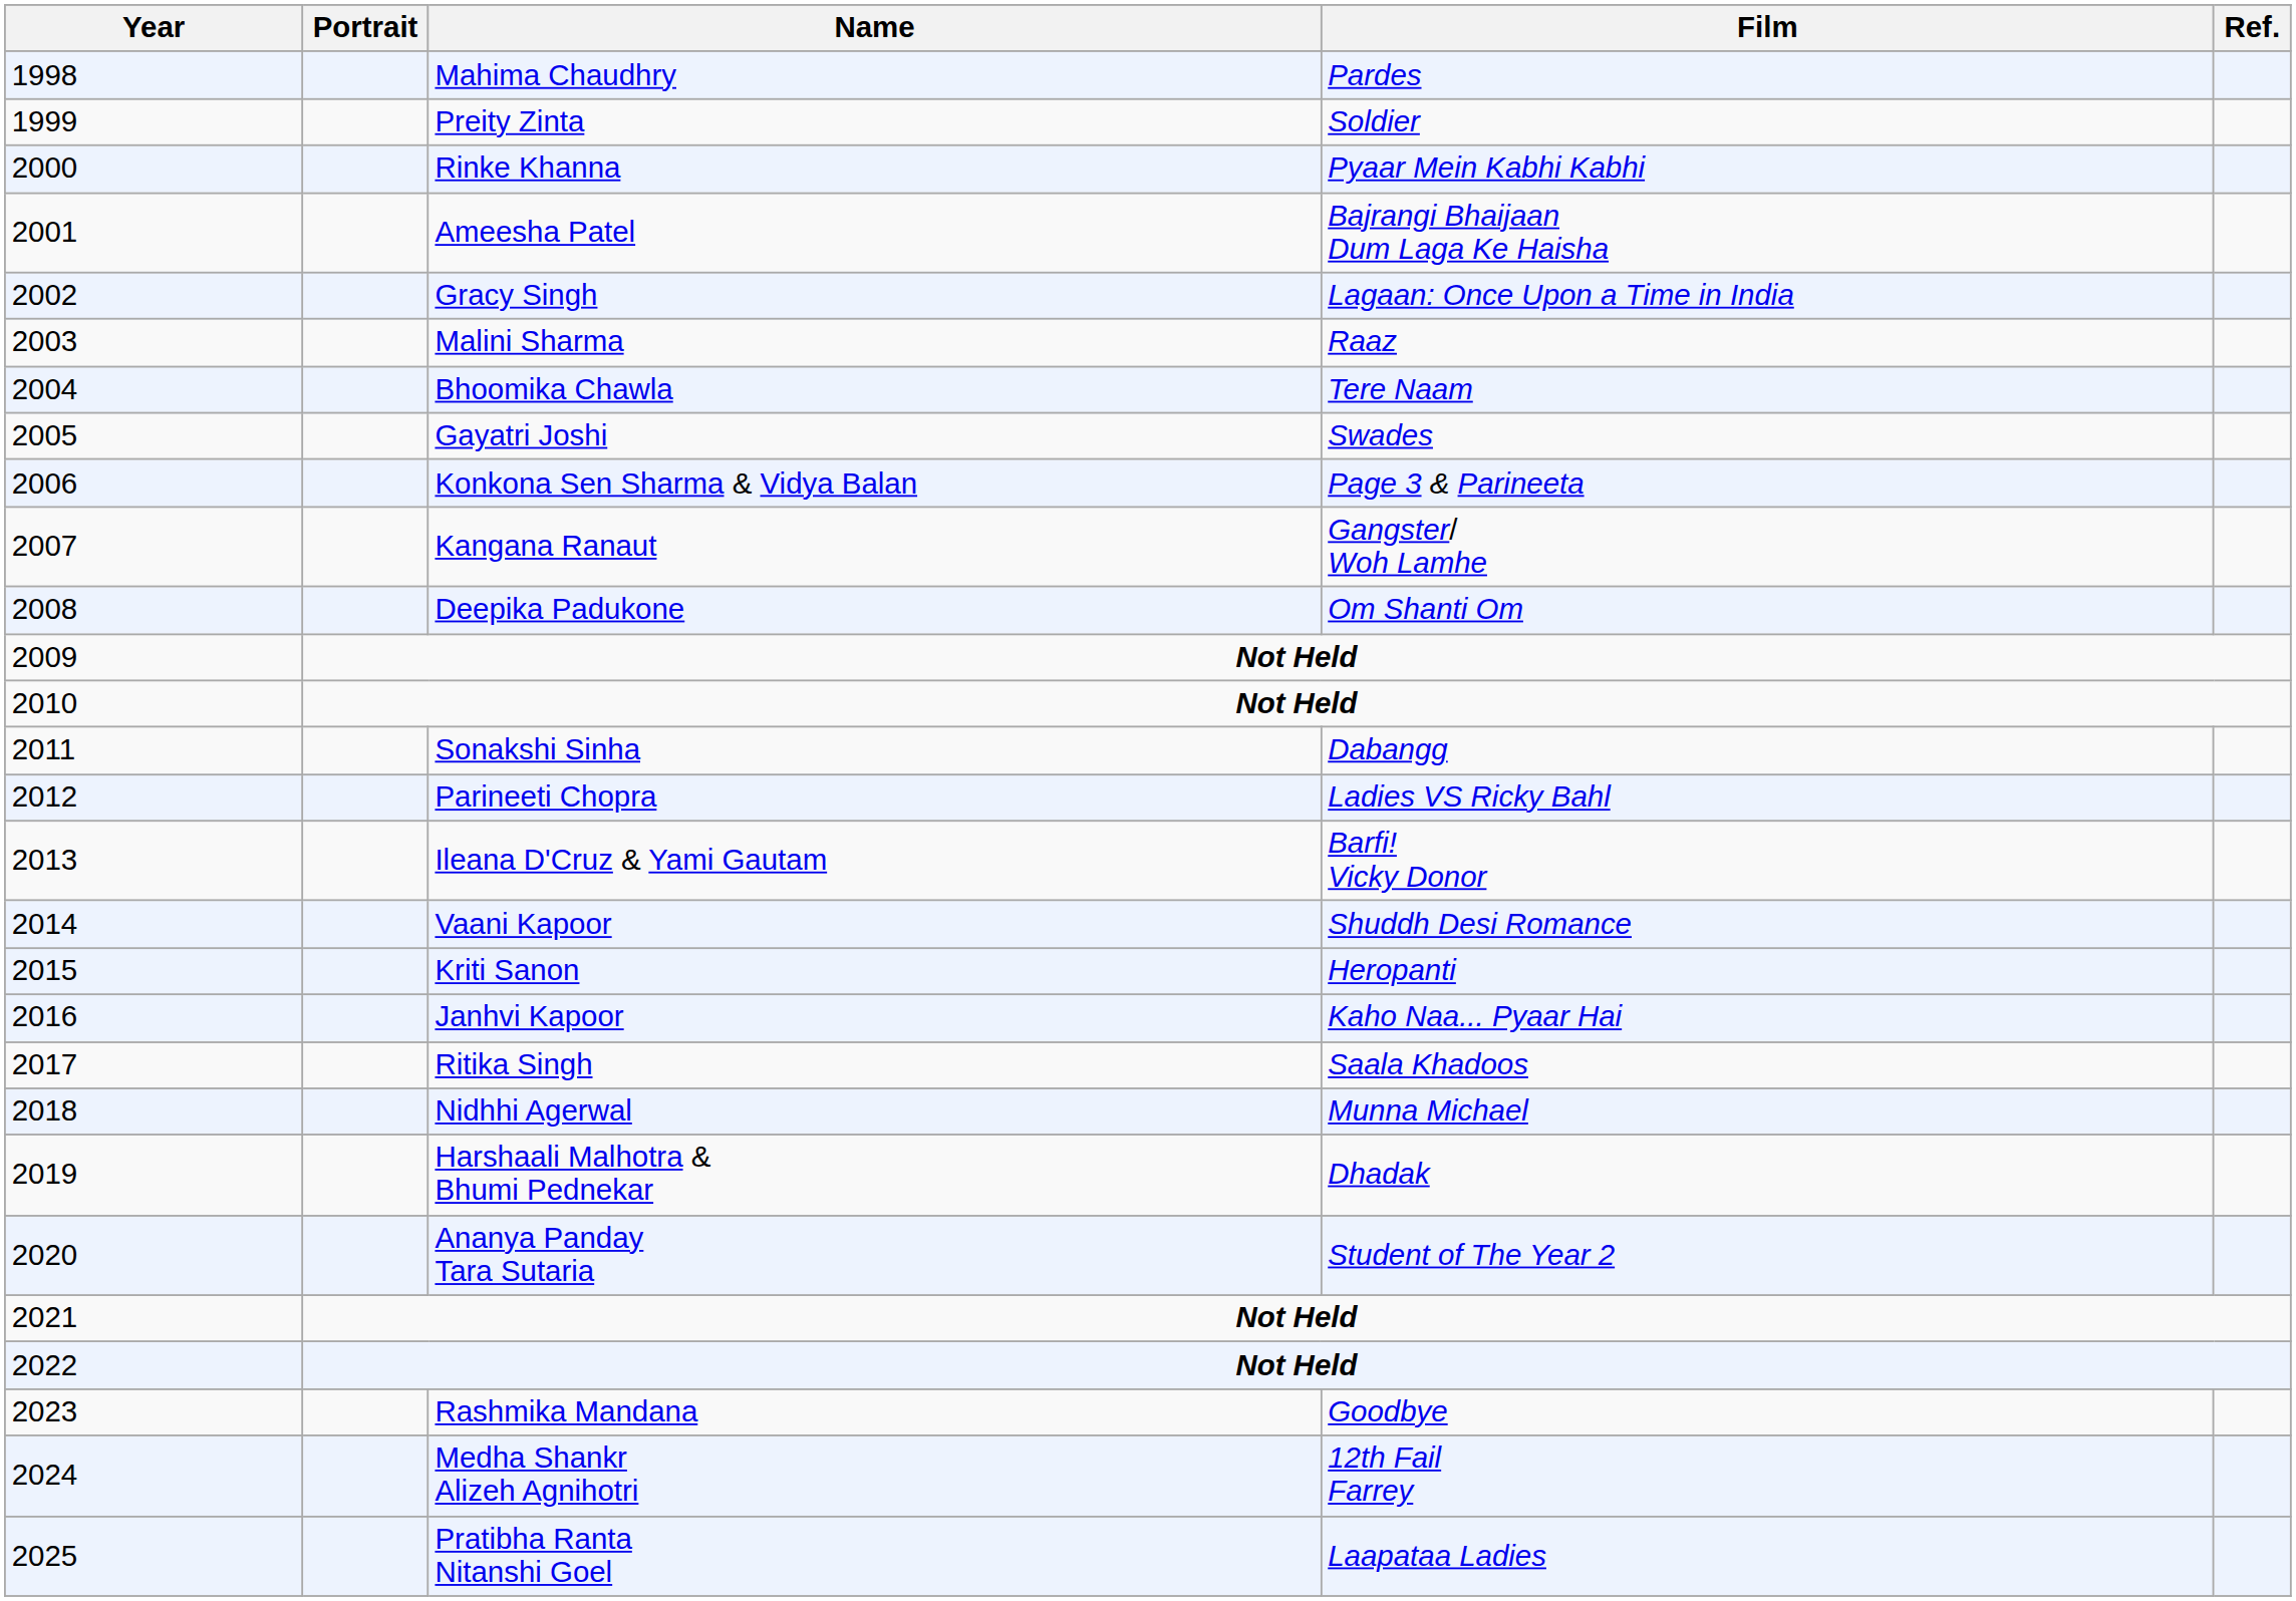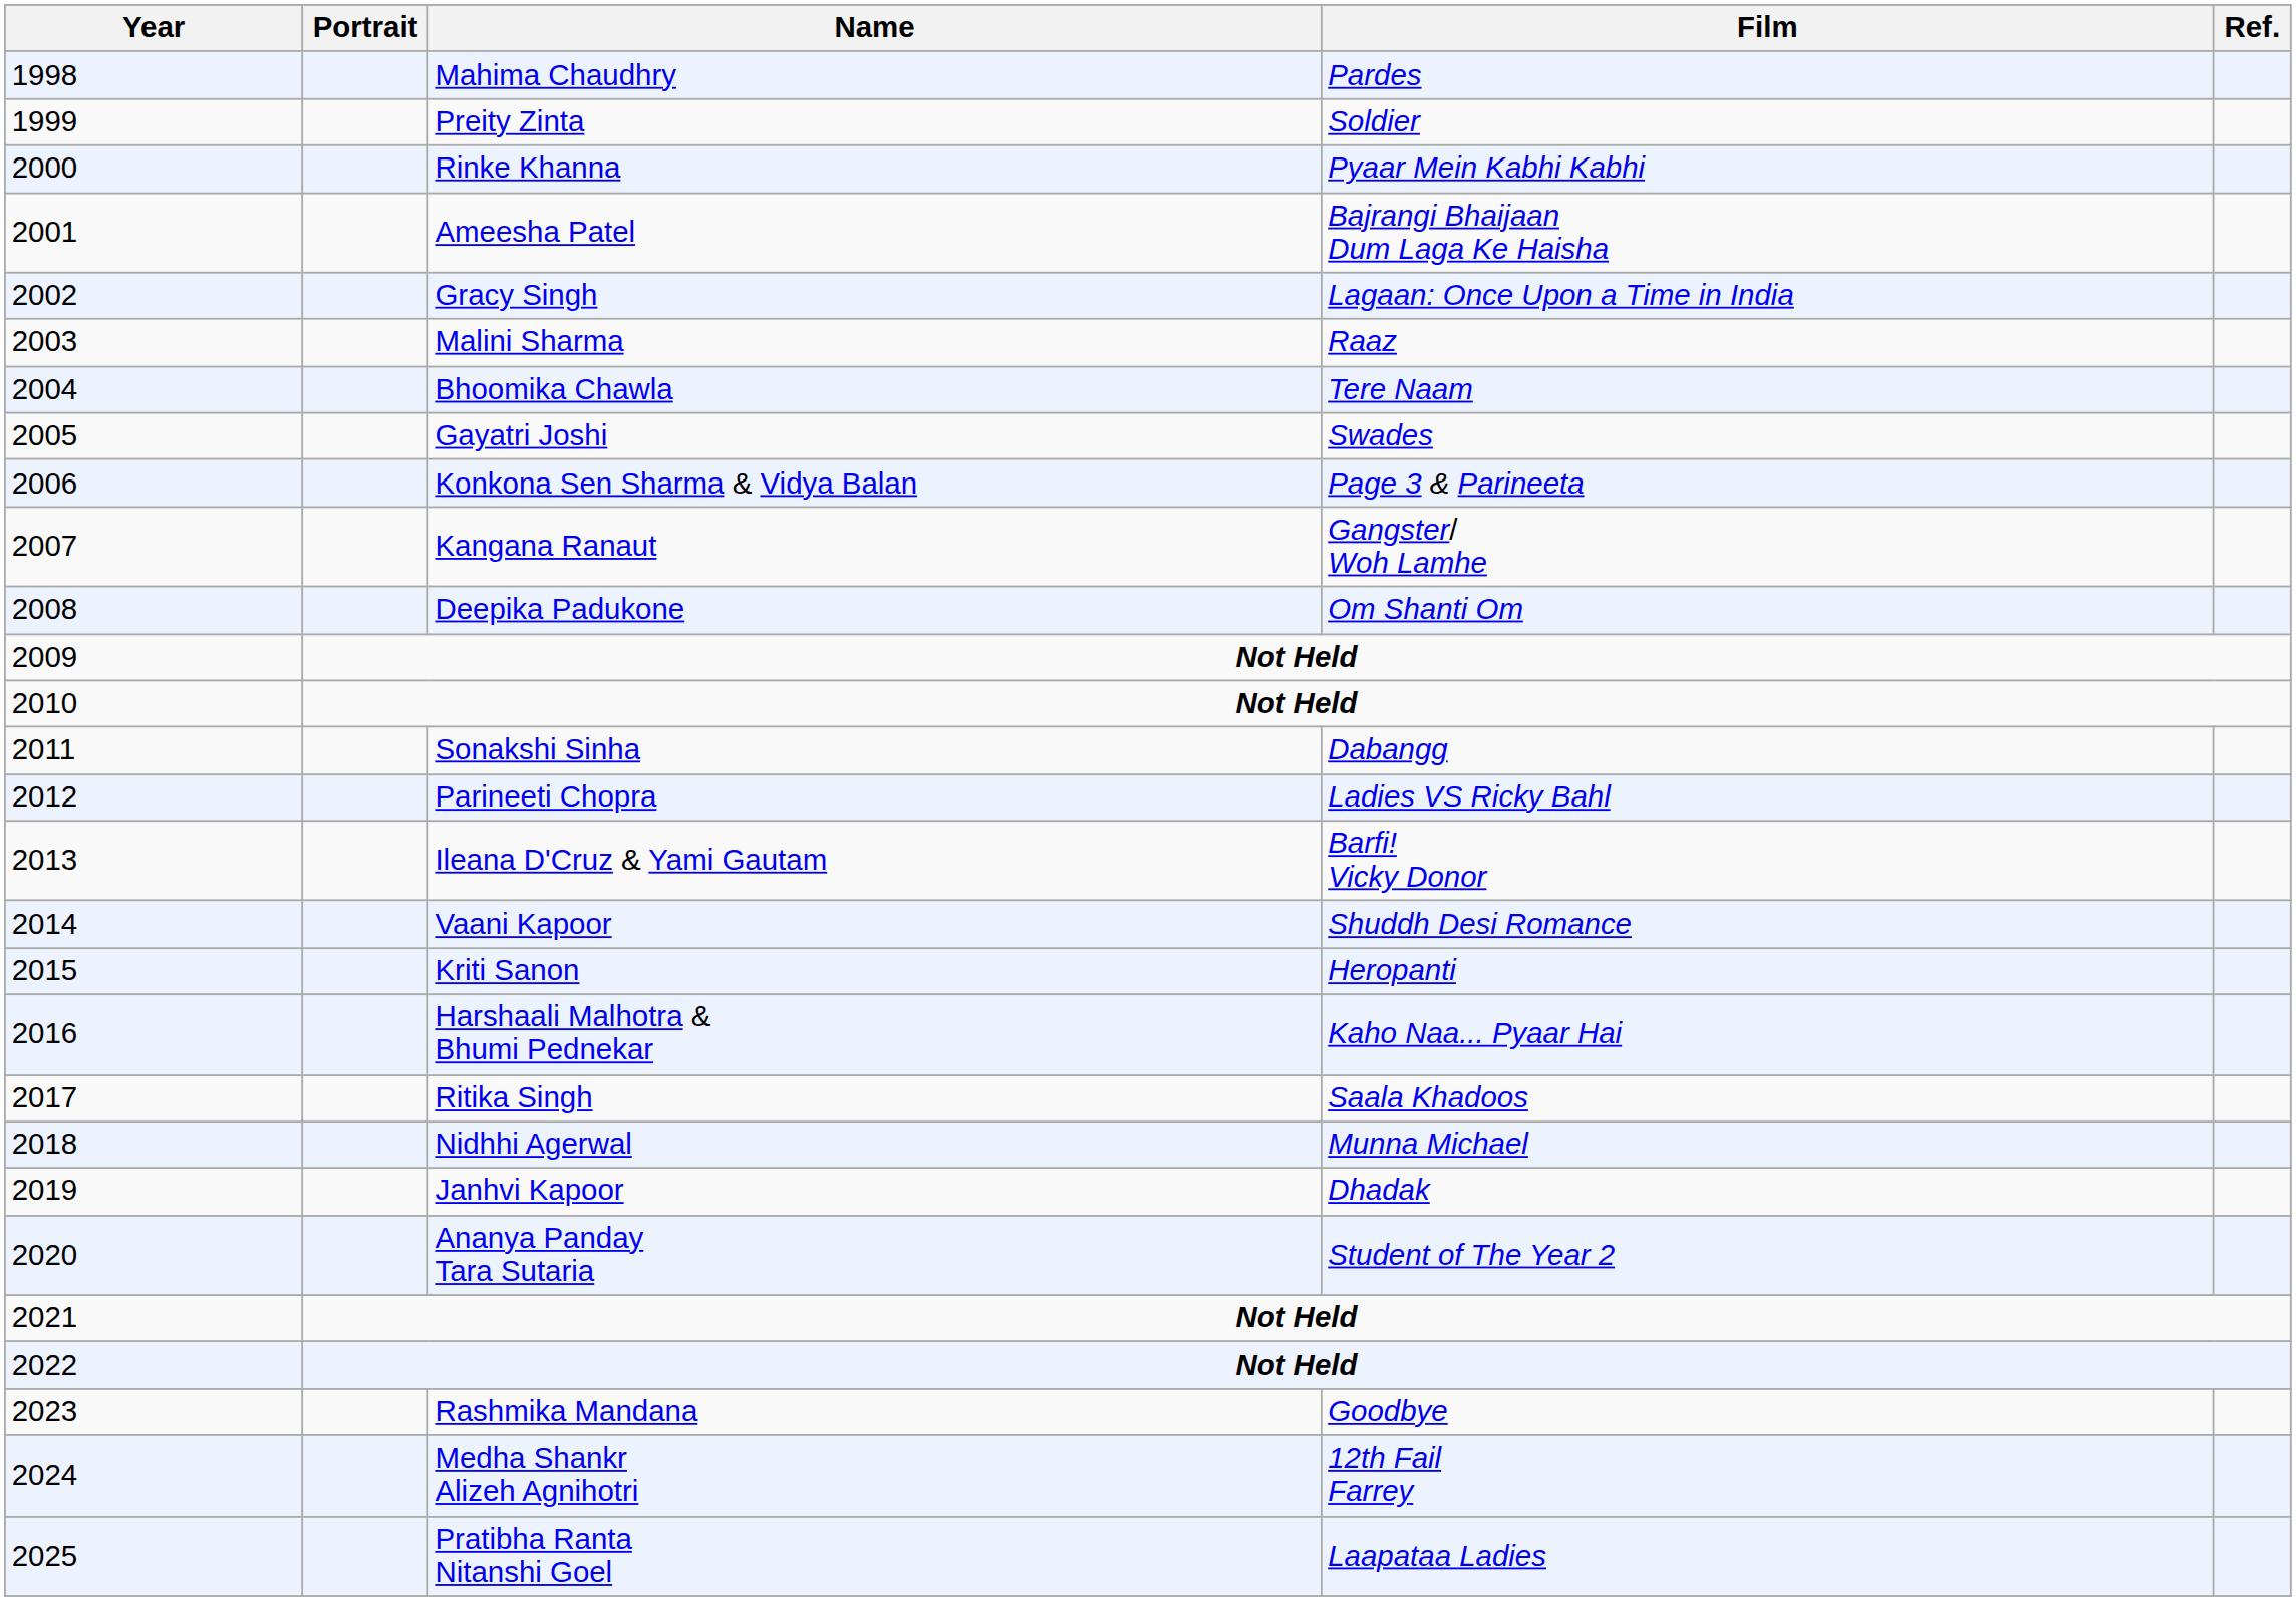 <table class="wikitable" style="width:98%;">
 <tr style="background:#bebebe;">
 <th style="width:10%;">Year</th>
 <th style="width:1%;">Portrait</th>
 <th style="width:30%;">Name</th>
 <th style="width:30%;">Film</th>
 <th style="width:1%;">Ref.</th>
 </tr>
 <tr bgcolor=#edf3fe>
 <td>1998</td>
 <td></td>
 <td><a href='#'>Mahima Chaudhry</a></td>
 <td><em><a href='#'>Pardes</a></em></td>
 <td></td>
 </tr>
 <tr>
 <td>1999</td>
 <td></td>
 <td><a href='#'>Preity Zinta</a></td>
 <td><em><a href='#'>Soldier</a></em></td>
 <td></td>
 </tr>
 <tr bgcolor=#edf3fe>
 <td>2000</td>
 <td></td>
 <td><a href='#'>Rinke Khanna</a></td>
 <td><em><a href='#'>Pyaar Mein Kabhi Kabhi</a></em></td>
 <td></td>
 </tr>
 <tr>
 <td>2001</td>
 <td></td>
 <td><a href='#'>Ameesha Patel</a></td>
 <td><em><a href='#'>Bajrangi Bhaijaan</a></em> <br><em><a href='#'>Dum Laga Ke Haisha</a></em></td>
 <td></td>
 </tr>
 <tr bgcolor=#edf3fe>
 <td>2002</td>
 <td></td>
 <td><a href='#'>Gracy Singh</a></td>
 <td><em><a href='#'>Lagaan: Once Upon a Time in India</a></em></td>
 <td></td>
 </tr>
 <tr>
 <td>2003</td>
 <td></td>
 <td><a href='#'>Malini Sharma</a></td>
 <td><em><a href='#'>Raaz</a></em></td>
 <td></td>
 </tr>
 <tr bgcolor=#edf3fe>
 <td>2004</td>
 <td></td>
 <td><a href='#'>Bhoomika Chawla</a></td>
 <td><em><a href='#'>Tere Naam</a></em></td>
 <td></td>
 </tr>
 <tr>
 <td>2005</td>
 <td></td>
 <td><a href='#'>Gayatri Joshi</a></td>
 <td><em><a href='#'>Swades</a></em></td>
 <td></td>
 </tr>
 <tr bgcolor=#edf3fe>
 <td>2006</td>
 <td></td>
 <td><a href='#'>Konkona Sen Sharma</a> & <a href='#'>Vidya Balan</a></td>
 <td><em><a href='#'>Page 3</a> & <a href='#'>Parineeta</a></em></td>
 <td></td>
 </tr>
 <tr>
 <td>2007</td>
 <td></td>
 <td><a href='#'>Kangana Ranaut</a></td>
 <td><em><a href='#'>Gangster</a></em>/<br><em><a href='#'>Woh Lamhe</a></em></td>
 <td></td>
 </tr>
 <tr bgcolor=#edf3fe>
 <td>2008</td>
 <td></td>
 <td><a href='#'>Deepika Padukone</a></td>
 <td><em><a href='#'>Om Shanti Om</a></em></td>
 <td></td>
 </tr>
 <tr>
 <td>2009</td>
 <td colspan="4" style="text-align:center;"><strong><em>Not Held</em></strong></td>
 </tr>
 <tr>
 <td>2010</td>
 <td colspan="4" style="text-align:center;"><strong><em>Not Held</em></strong></td>
 </tr>
 <tr>
 <td>2011</td>
 <td></td>
 <td><a href='#'>Sonakshi Sinha</a></td>
 <td><em><a href='#'>Dabangg</a></em></td>
 <td></td>
 </tr>
 <tr bgcolor=#edf3fe>
 <td>2012</td>
 <td></td>
 <td><a href='#'>Parineeti Chopra</a></td>
 <td><em><a href='#'>Ladies VS Ricky Bahl</a></em></td>
 <td></td>
 </tr>
 <tr>
 <td>2013</td>
 <td></td>
 <td><a href='#'>Ileana D'Cruz</a> & <a href='#'>Yami Gautam</a></td>
 <td><em><a href='#'>Barfi!</a></em><br><em><a href='#'>Vicky Donor</a></em></td>
 <td></td>
 </tr>
 <tr bgcolor="#edf3fe">
 <td>2014</td>
 <td></td>
 <td><a href='#'>Vaani Kapoor</a></td>
 <td><em><a href='#'>Shuddh Desi Romance</a></em></td>
 <td></td>
 </tr>
 <tr bgcolor="#edf3fe">
 <td>2015</td>
 <td></td>
 <td><a href='#'>Kriti Sanon</a></td>
 <td><em><a href='#'>Heropanti</a></em></td>
 <td></td>
 </tr>
 <tr bgcolor="#edf3fe">
 <td>2016</td>
 <td></td>
-<td><a href='#'>Janhvi Kapoor</a></td>
+<td><a href='#'>Harshaali Malhotra</a> &<br><a href='#'>Bhumi Pednekar</a></td>
 <td><em><a href='#'>Kaho Naa... Pyaar Hai</a></em></td>
 <td></td>
 </tr>
 <tr>
 <td>2017</td>
 <td></td>
 <td><a href='#'>Ritika Singh</a></td>
 <td><em><a href='#'>Saala Khadoos</a></em></td>
 <td></td>
 </tr>
 <tr bgcolor=#edf3fe>
 <td>2018</td>
 <td></td>
 <td><a href='#'>Nidhhi Agerwal</a></td>
 <td><em><a href='#'>Munna Michael</a></em></td>
 <td></td>
 </tr>
 <tr>
 <td>2019</td>
 <td></td>
-<td><a href='#'>Harshaali Malhotra</a> &<br><a href='#'>Bhumi Pednekar</a></td>
+<td><a href='#'>Janhvi Kapoor</a></td>
 <td><em><a href='#'>Dhadak</a></em></td>
 <td></td>
 </tr>
 <tr bgcolor=#edf3fe>
 <td>2020</td>
 <td></td>
 <td><a href='#'>Ananya Panday</a><br><a href='#'>Tara Sutaria</a></td>
 <td><em><a href='#'>Student of The Year 2</a></em></td>
 <td></td>
 </tr>
 <tr>
 <td>2021</td>
 <td colspan="4" style="text-align:center;"><strong><em>Not Held</em></strong></td>
 </tr>
 <tr bgcolor=#edf3fe>
 <td>2022</td>
 <td colspan="4" style="text-align:center;"><strong><em>Not Held</em></strong></td>
 </tr>
 <tr>
 <td>2023</td>
 <td></td>
 <td><a href='#'>Rashmika Mandana</a></td>
 <td><em><a href='#'>Goodbye</a></em></td>
 <td></td>
 </tr>
 <tr bgcolor=#edf3fe>
 <td>2024</td>
 <td></td>
 <td><a href='#'>Medha Shankr</a><br><a href='#'>Alizeh Agnihotri</a></td>
 <td><em><a href='#'>12th Fail</a></em><br><em><a href='#'>Farrey</a></em></td>
 <td></td>
 </tr>
 <tr bgcolor=#edf3fe>
 <td>2025</td>
 <td></td>
 <td><a href='#'>Pratibha Ranta</a><br><a href='#'>Nitanshi Goel</a></td>
 <td><em><a href='#'>Laapataa Ladies</a></em></td>
 <td></td>
 </tr>
 </table>
